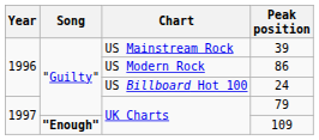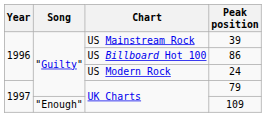 <table class="wikitable">
 <tr>
 <th>Year</th>
 <th>Song</th>
 <th>Chart</th>
 <th>Peak<br>position</th>
 </tr>
 <tr>
 <td rowspan="3">1996</td>
 <td rowspan="4">"<a href='#'>Guilty</a>"</td>
 <td>US <a href='#'>Mainstream Rock</a></td>
 <td align="center">39</td>
 </tr>
 <tr>
-<td>US <a href='#'>Modern Rock</a></td>
+<td>US <a href='#'><em>Billboard</em> Hot 100</a></td>
 <td align="center">86</td>
 </tr>
 <tr>
-<td>US <a href='#'><em>Billboard</em> Hot 100</a></td>
+<td>US <a href='#'>Modern Rock</a></td>
 <td align="center">24</td>
 </tr>
 <tr>
 <td rowspan="2">1997</td>
 <td rowspan="2"><a href='#'>UK Charts</a></td>
 <td align="center">79</td>
 </tr>
 <tr>
-<td><strong>"Enough"</strong></td>
+<td>"Enough"</td>
 <td align="center">109</td>
 </tr>
 </table>
